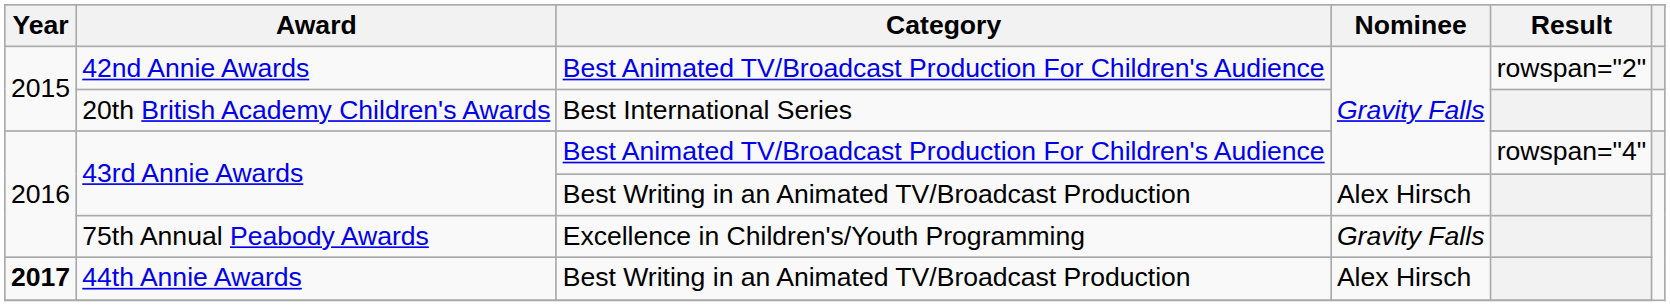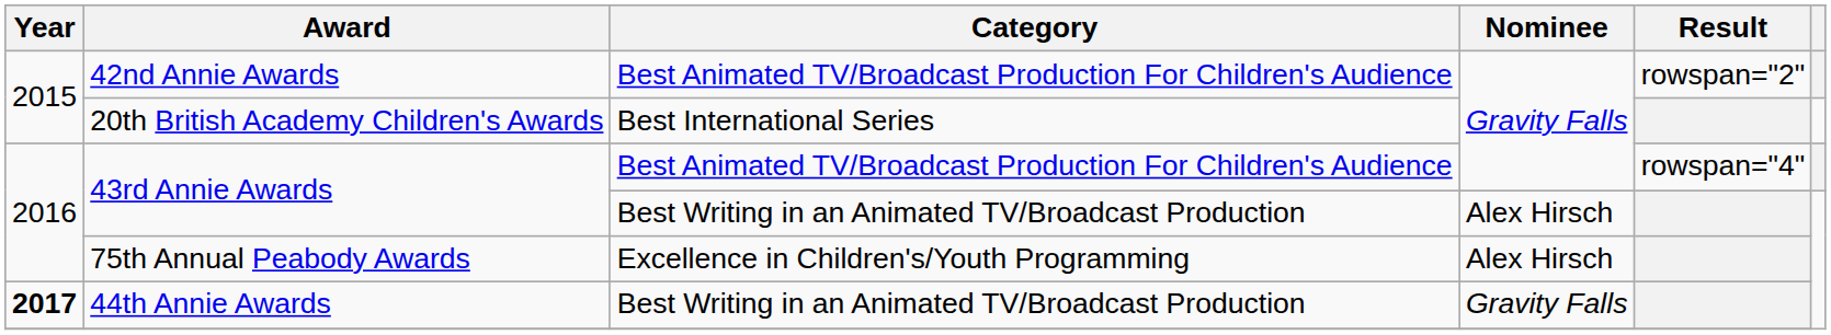 <table class="wikitable">
 <tr>
 <th>Year</th>
 <th>Award</th>
 <th>Category</th>
 <th>Nominee</th>
 <th>Result</th>
 <th></th>
 </tr>
 <tr>
 <td rowspan="2">2015</td>
 <td><a href='#'>42nd Annie Awards</a></td>
 <td><a href='#'>Best Animated TV/Broadcast Production For Children's Audience</a></td>
 <td rowspan="3"><em><a href='#'>Gravity Falls</a></em></td>
 <td>rowspan="2" </td>
 <th align=center></th>
 </tr>
 <tr>
 <td>20th <a href='#'>British Academy Children's Awards</a></td>
 <td>Best International Series</td>
 <th align=center></th>
 </tr>
 <tr>
 <td rowspan="3">2016</td>
 <td rowspan="2"><a href='#'>43rd Annie Awards</a></td>
 <td><a href='#'>Best Animated TV/Broadcast Production For Children's Audience</a></td>
 <td>rowspan="4" </td>
 <th align=center></th>
 </tr>
 <tr>
 <td>Best Writing in an Animated TV/Broadcast Production</td>
 <td>Alex Hirsch</td>
 <th align=center></th>
 </tr>
 <tr>
 <td>75th Annual <a href='#'>Peabody Awards</a></td>
 <td>Excellence in Children's/Youth Programming</td>
-<td><em>Gravity Falls</em></td>
+<td>Alex Hirsch</td>
 <th align=center></th>
 </tr>
 <tr>
 <td rowspan="1"><strong>2017</strong></td>
 <td><a href='#'>44th Annie Awards</a></td>
 <td>Best Writing in an Animated TV/Broadcast Production</td>
-<td>Alex Hirsch</td>
+<td><em>Gravity Falls</em></td>
 <th align=center></th>
 </tr>
 <tr>
 </tr>
 </table>
